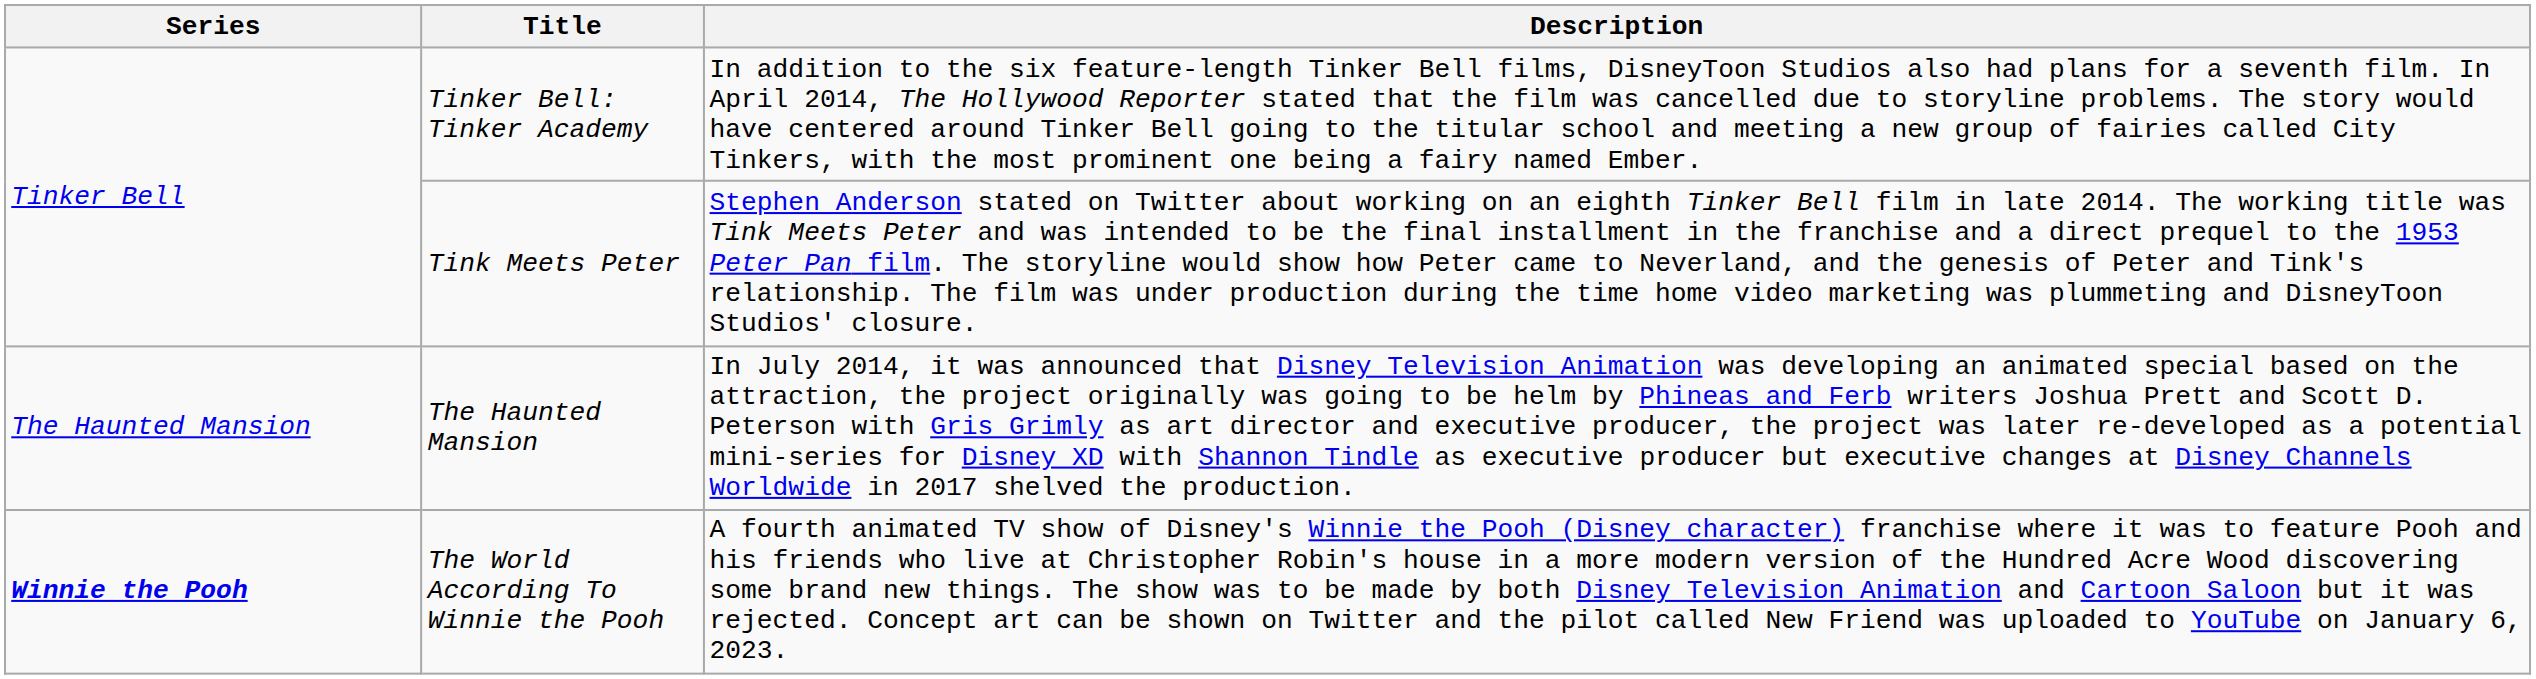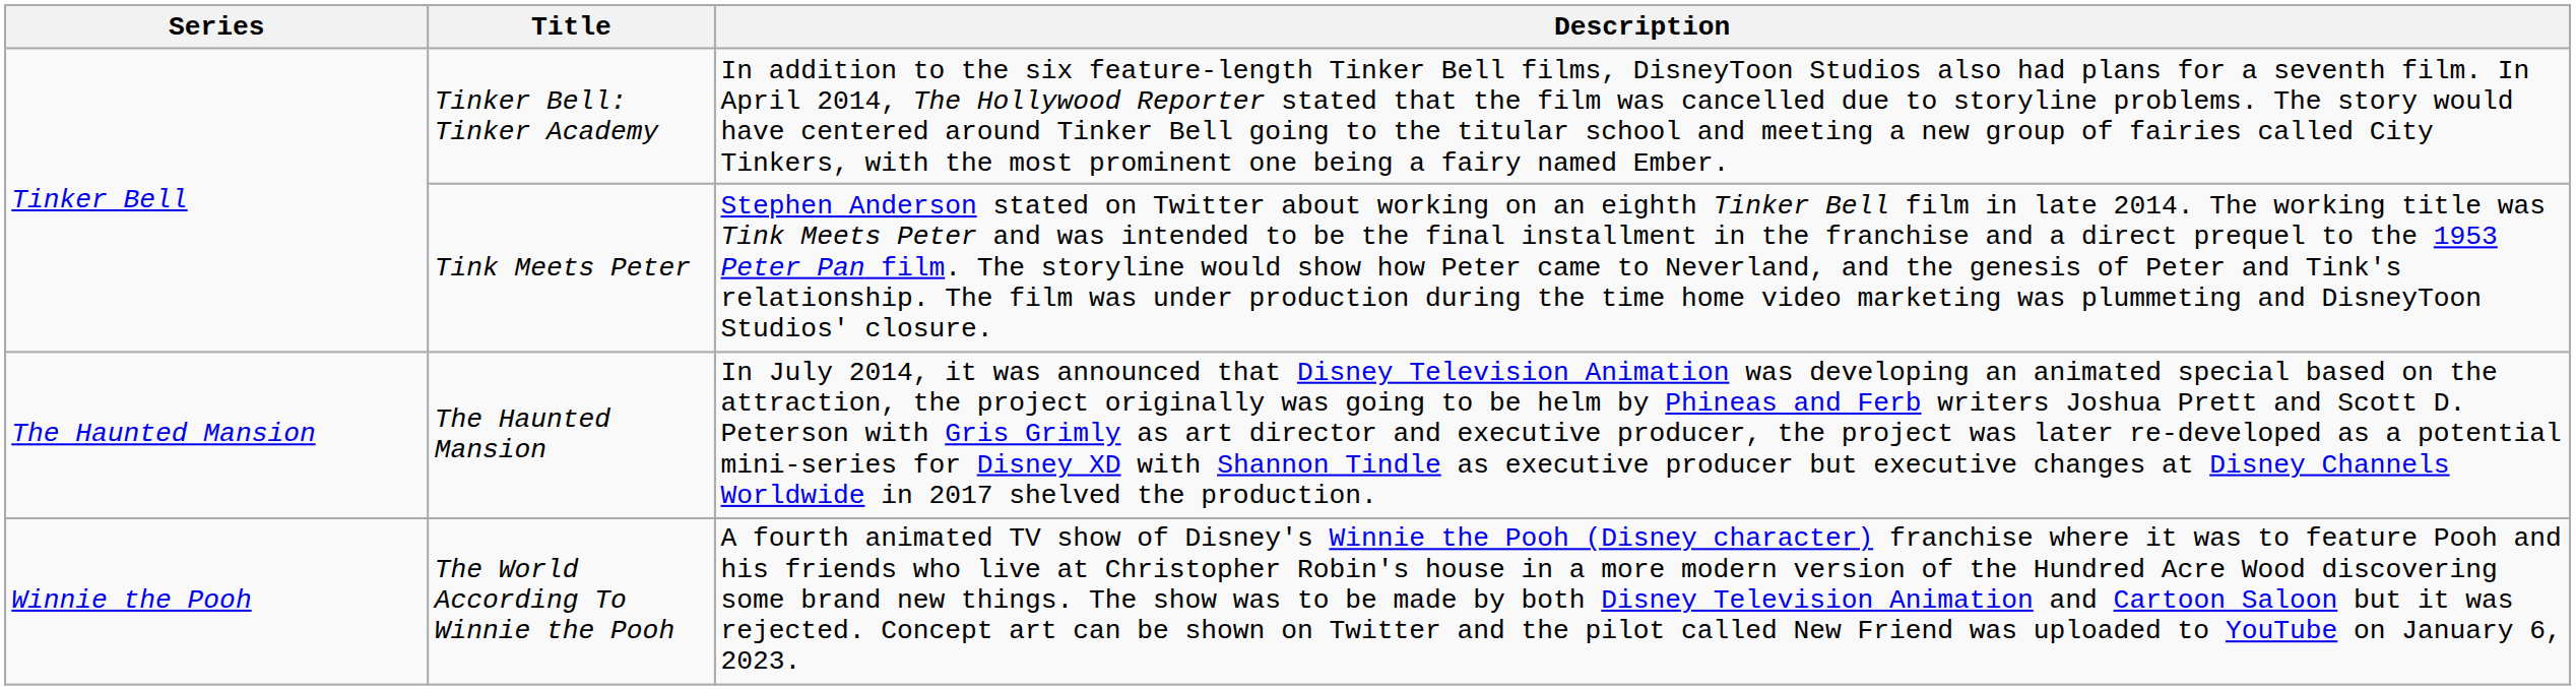 <table class="wikitable">
 <tr>
 <th style="width:150pt;">Series</th>
 <th style="width:100pt;">Title</th>
 <th>Description</th>
 </tr>
 <tr>
 <td rowspan="2"><em><a href='#'>Tinker Bell</a></em></td>
 <td><em>Tinker Bell: Tinker Academy</em></td>
 <td>In addition to the six feature-length Tinker Bell films, DisneyToon Studios also had plans for a seventh film. In April 2014, <em>The Hollywood Reporter</em> stated that the film was cancelled due to storyline problems. The story would have centered around Tinker Bell going to the titular school and meeting a new group of fairies called City Tinkers, with the most prominent one being a fairy named Ember.</td>
 </tr>
 <tr>
 <td><em>Tink Meets Peter</em></td>
 <td><a href='#'>Stephen Anderson</a> stated on Twitter about working on an eighth <em>Tinker Bell</em> film in late 2014. The working title was <em>Tink Meets Peter</em> and was intended to be the final installment in the franchise and a direct prequel to the <a href='#'>1953 <em>Peter Pan</em> film</a>. The storyline would show how Peter came to Neverland, and the genesis of Peter and Tink's relationship. The film was under production during the time home video marketing was plummeting and DisneyToon Studios' closure.</td>
 </tr>
 <tr>
 <td><em><a href='#'>The Haunted Mansion</a></em></td>
 <td><em>The Haunted Mansion</em></td>
 <td>In July 2014, it was announced that <a href='#'>Disney Television Animation</a> was developing an animated special based on the attraction, the project originally was going to be helm by <a href='#'>Phineas and Ferb</a> writers Joshua Prett and Scott D. Peterson with <a href='#'>Gris Grimly</a> as art director and executive producer, the project was later re-developed as a potential mini-series for <a href='#'>Disney XD</a> with <a href='#'>Shannon Tindle</a> as executive producer but executive changes at <a href='#'>Disney Channels Worldwide</a> in 2017 shelved the production.</td>
 </tr>
 <tr>
-<td><strong><em><a href='#'>Winnie the Pooh</a></em></strong></td>
+<td><em><a href='#'>Winnie the Pooh</a></em></td>
 <td><em>The World According To Winnie the Pooh</em></td>
 <td>A fourth animated TV show of Disney's <a href='#'>Winnie the Pooh (Disney character)</a> franchise where it was to feature Pooh and his friends who live at Christopher Robin's house in a more modern version of the Hundred Acre Wood discovering some brand new things. The show was to be made by both <a href='#'>Disney Television Animation</a> and <a href='#'>Cartoon Saloon</a> but it was rejected. Concept art can be shown on Twitter and the pilot called New Friend was uploaded to <a href='#'>YouTube</a> on January 6, 2023.</td>
 </tr>
 </table>
